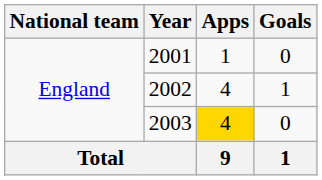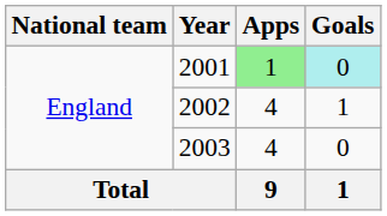 <table class="wikitable" style="text-align: center;">
 <tr>
 <th>National team</th>
 <th>Year</th>
 <th>Apps</th>
 <th>Goals</th>
 </tr>
 <tr>
 <td rowspan="3"><a href='#'>England</a></td>
 <td>2001</td>
-<td>1</td>
-<td>0</td>
+<td style="background: lightgreen;">1</td>
+<td style="background: paleturquoise;">0</td>
 </tr>
 <tr>
 <td>2002</td>
 <td>4</td>
 <td>1</td>
 </tr>
 <tr>
 <td>2003</td>
-<td style="background: gold;">4</td>
+<td>4</td>
 <td>0</td>
 </tr>
 <tr>
 <th colspan="2">Total</th>
 <th>9</th>
 <th>1</th>
 </tr>
 </table>
